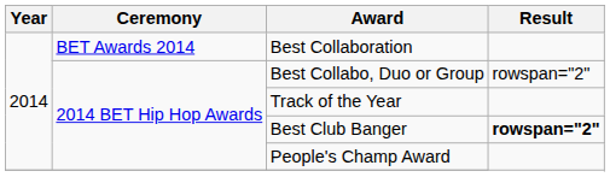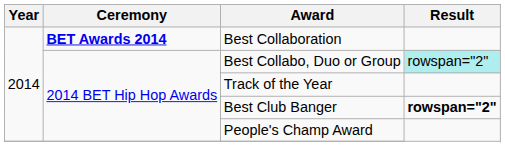 <table class="wikitable">
 <tr>
 <th>Year</th>
 <th>Ceremony</th>
 <th>Award</th>
 <th>Result</th>
 </tr>
 <tr>
 <td rowspan="5">2014</td>
-<td><a href='#'>BET Awards 2014</a></td>
+<td><strong><a href='#'>BET Awards 2014</a></strong></td>
 <td>Best Collaboration</td>
 <td></td>
 </tr>
 <tr>
 <td rowspan="4"><a href='#'>2014 BET Hip Hop Awards</a></td>
 <td>Best Collabo, Duo or Group</td>
-<td>rowspan="2" </td>
+<td style="background: paleturquoise;">rowspan="2" </td>
 </tr>
 <tr>
 <td>Track of the Year</td>
 </tr>
 <tr>
 <td>Best Club Banger</td>
 <td><strong>rowspan="2" </strong></td>
 </tr>
 <tr>
 <td>People's Champ Award</td>
 </tr>
 <tr>
 </tr>
 </table>
